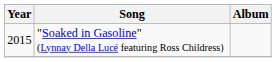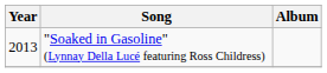 <table class="wikitable">
 <tr>
 <th rowspan="1">Year</th>
 <th rowspan="1" width="250">Song</th>
 <th rowspan="1">Album</th>
 </tr>
 <tr>
-<td rowspan="1">2015</td>
+<td rowspan="1">2013</td>
 <td>"<a href='#'>Soaked in Gasoline</a>"<br><small>(<a href='#'>Lynnay Della Lucé</a> featuring Ross Childress)</small></td>
 <td></td>
 </tr>
 <tr>
 </tr>
 </table>
